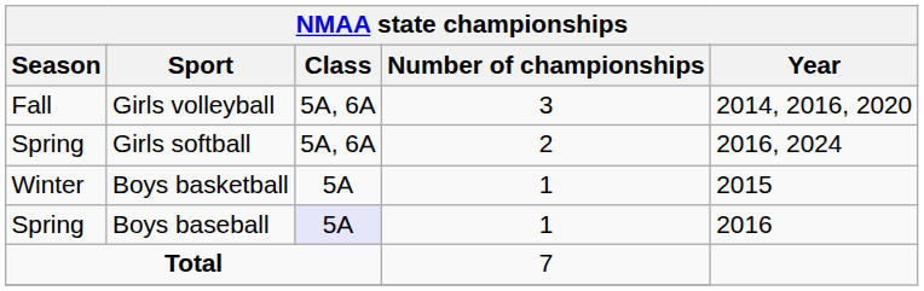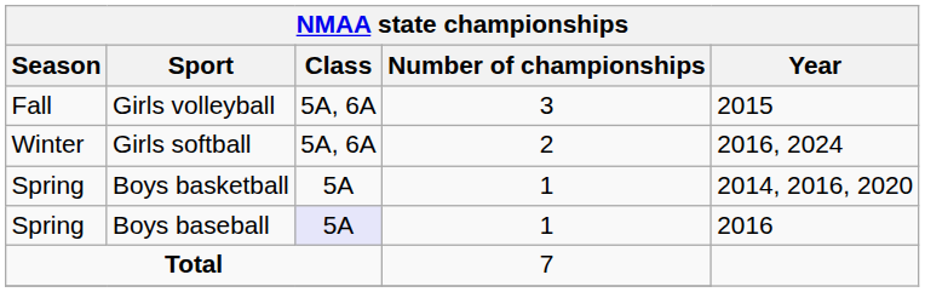 <table class="wikitable">
 <tr>
 <th colspan="5"><a href='#'>NMAA</a> state championships</th>
 </tr>
 <tr>
 <th>Season</th>
 <th>Sport</th>
 <th>Class</th>
 <th>Number of championships</th>
 <th>Year</th>
 </tr>
 <tr>
 <td rowspan="1">Fall</td>
 <td>Girls volleyball</td>
 <td align="center">5A, 6A</td>
 <td align="center">3</td>
-<td>2014, 2016, 2020</td>
+<td>2015</td>
 </tr>
 <tr>
-<td rowspan="1">Spring</td>
+<td rowspan="1">Winter</td>
 <td>Girls softball</td>
 <td align="center">5A, 6A</td>
 <td align="center">2</td>
 <td>2016, 2024</td>
 </tr>
 <tr>
-<td rowspan="1">Winter</td>
+<td rowspan="1">Spring</td>
 <td>Boys basketball</td>
 <td align="center">5A</td>
 <td align="center">1</td>
-<td>2015</td>
+<td>2014, 2016, 2020</td>
 </tr>
 <tr>
 <td rowspan="1">Spring</td>
 <td>Boys baseball</td>
 <td align="center" style="background: lavender;">5A</td>
 <td align="center">1</td>
 <td>2016</td>
 </tr>
 <tr>
 <td colspan="3" align="center"><strong>Total</strong></td>
 <td align="center">7</td>
 </tr>
 <tr>
 </tr>
 </table>
